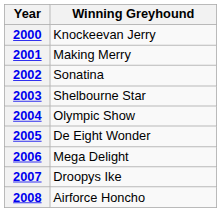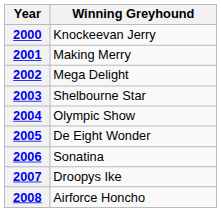 <table class="wikitable">
 <tr>
 <th width=50>Year</th>
 <th width=200>Winning Greyhound</th>
 </tr>
 <tr>
 <th><a href='#'>2000</a></th>
 <td>Knockeevan Jerry</td>
 </tr>
 <tr>
 <th><a href='#'>2001</a></th>
 <td>Making Merry</td>
 </tr>
 <tr>
 <th><a href='#'>2002</a></th>
-<td>Sonatina</td>
+<td>Mega Delight</td>
 </tr>
 <tr>
 <th><a href='#'>2003</a></th>
 <td>Shelbourne Star</td>
 </tr>
 <tr>
 <th><a href='#'>2004</a></th>
 <td>Olympic Show</td>
 </tr>
 <tr>
 <th><a href='#'>2005</a></th>
 <td>De Eight Wonder</td>
 </tr>
 <tr>
 <th><a href='#'>2006</a></th>
-<td>Mega Delight</td>
+<td>Sonatina</td>
 </tr>
 <tr>
 <th><a href='#'>2007</a></th>
 <td>Droopys Ike</td>
 </tr>
 <tr>
 <th><a href='#'>2008</a></th>
 <td>Airforce Honcho</td>
 </tr>
 </table>
